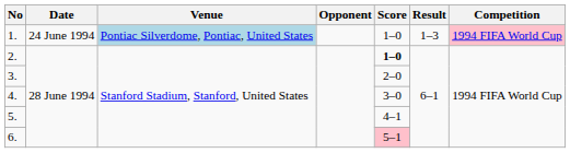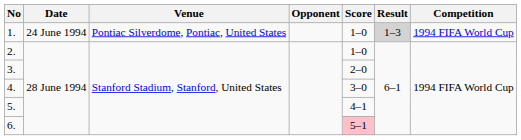 <table class="wikitable" style="font-size:85%;">
 <tr>
 <th>No</th>
 <th>Date</th>
 <th>Venue</th>
 <th>Opponent</th>
 <th>Score</th>
 <th>Result</th>
 <th>Competition</th>
 </tr>
 <tr>
 <td>1.</td>
 <td>24 June 1994</td>
-<td style="background: lightblue;"><a href='#'>Pontiac Silverdome</a>, <a href='#'>Pontiac</a>, <a href='#'>United States</a></td>
+<td><a href='#'>Pontiac Silverdome</a>, <a href='#'>Pontiac</a>, <a href='#'>United States</a></td>
 <td></td>
 <td align=center>1–0</td>
-<td align="center">1–3</td>
-<td style="background: pink;"><a href='#'>1994 FIFA World Cup</a></td>
+<td align="center" style="background: lightgrey;">1–3</td>
+<td><a href='#'>1994 FIFA World Cup</a></td>
 </tr>
 <tr>
 <td>2.</td>
 <td rowspan="5">28 June 1994</td>
 <td rowspan="5"><a href='#'>Stanford Stadium</a>, <a href='#'>Stanford</a>, United States</td>
 <td rowspan="5"></td>
-<td align=center><strong>1–0</strong></td>
+<td align=center>1–0</td>
 <td rowspan="5" style="text-align:center">6–1</td>
 <td rowspan="5">1994 FIFA World Cup</td>
 </tr>
 <tr>
 <td>3.</td>
 <td align=center>2–0</td>
 </tr>
 <tr>
 <td>4.</td>
 <td align=center>3–0</td>
 </tr>
 <tr>
 <td>5.</td>
 <td align=center>4–1</td>
 </tr>
 <tr>
 <td>6.</td>
 <td align=center style="background: pink;">5–1</td>
 </tr>
 </table>
